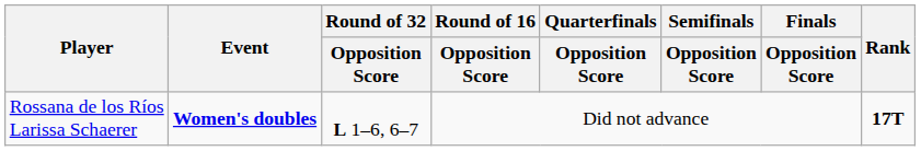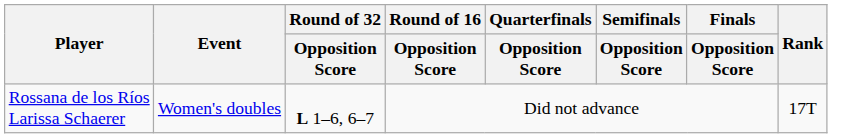 <table class=wikitable style="font-size:90%">
 <tr>
 <th rowspan="2">Player</th>
 <th rowspan="2">Event</th>
 <th>Round of 32</th>
 <th>Round of 16</th>
 <th>Quarterfinals</th>
 <th>Semifinals</th>
 <th>Finals</th>
 <th rowspan=2>Rank</th>
 </tr>
 <tr>
 <th>Opposition<br>Score</th>
 <th>Opposition<br>Score</th>
 <th>Opposition<br>Score</th>
 <th>Opposition<br>Score</th>
 <th>Opposition<br>Score</th>
 </tr>
 <tr>
 <td><a href='#'>Rossana de los Ríos</a> <br> <a href='#'>Larissa Schaerer</a></td>
-<td><strong><a href='#'>Women's doubles</a></strong></td>
+<td><a href='#'>Women's doubles</a></td>
 <td align=center> <br> <strong>L</strong> 1–6, 6–7</td>
 <td align=center colspan=4>Did not advance</td>
-<td align=center><strong>17T</strong></td>
+<td align=center>17T</td>
 </tr>
 </table>
